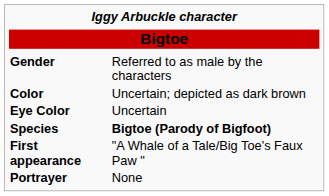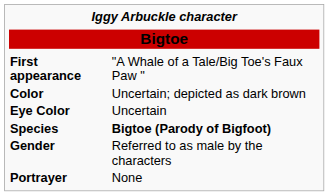 <table class="infobox" style="width: 25em;">
 <tr>
 <td colspan="2" style="text-align:center;"><strong><em>Iggy Arbuckle character</em></strong></td>
 </tr>
 <tr>
 <td colspan="2" style="text-align:center;"></td>
 </tr>
 <tr>
 <th colspan="2" style="font-size: larger; background-color:#c00; color:#000;"><strong>Bigtoe</strong></th>
 </tr>
 <tr>
 <td colspan="2"></td>
 </tr>
 <tr>
-<td><strong>Gender</strong></td>
-<td>Referred to as male by the characters</td>
+<td><strong>First appearance</strong></td>
+<td>"A Whale of a Tale/Big Toe's Faux Paw "</td>
 </tr>
 <tr>
 <td><strong>Color</strong></td>
 <td>Uncertain; depicted as dark brown</td>
 </tr>
 <tr>
 <td><strong>Eye Color</strong></td>
 <td>Uncertain</td>
 </tr>
 <tr>
 <td><strong>Species</strong></td>
 <td><strong>Bigtoe (Parody of Bigfoot)</strong></td>
 </tr>
 <tr>
-<td><strong>First appearance</strong></td>
-<td>"A Whale of a Tale/Big Toe's Faux Paw "</td>
+<td><strong>Gender</strong></td>
+<td>Referred to as male by the characters</td>
 </tr>
 <tr>
 <td><strong>Portrayer</strong></td>
 <td>None</td>
 </tr>
 </table>
